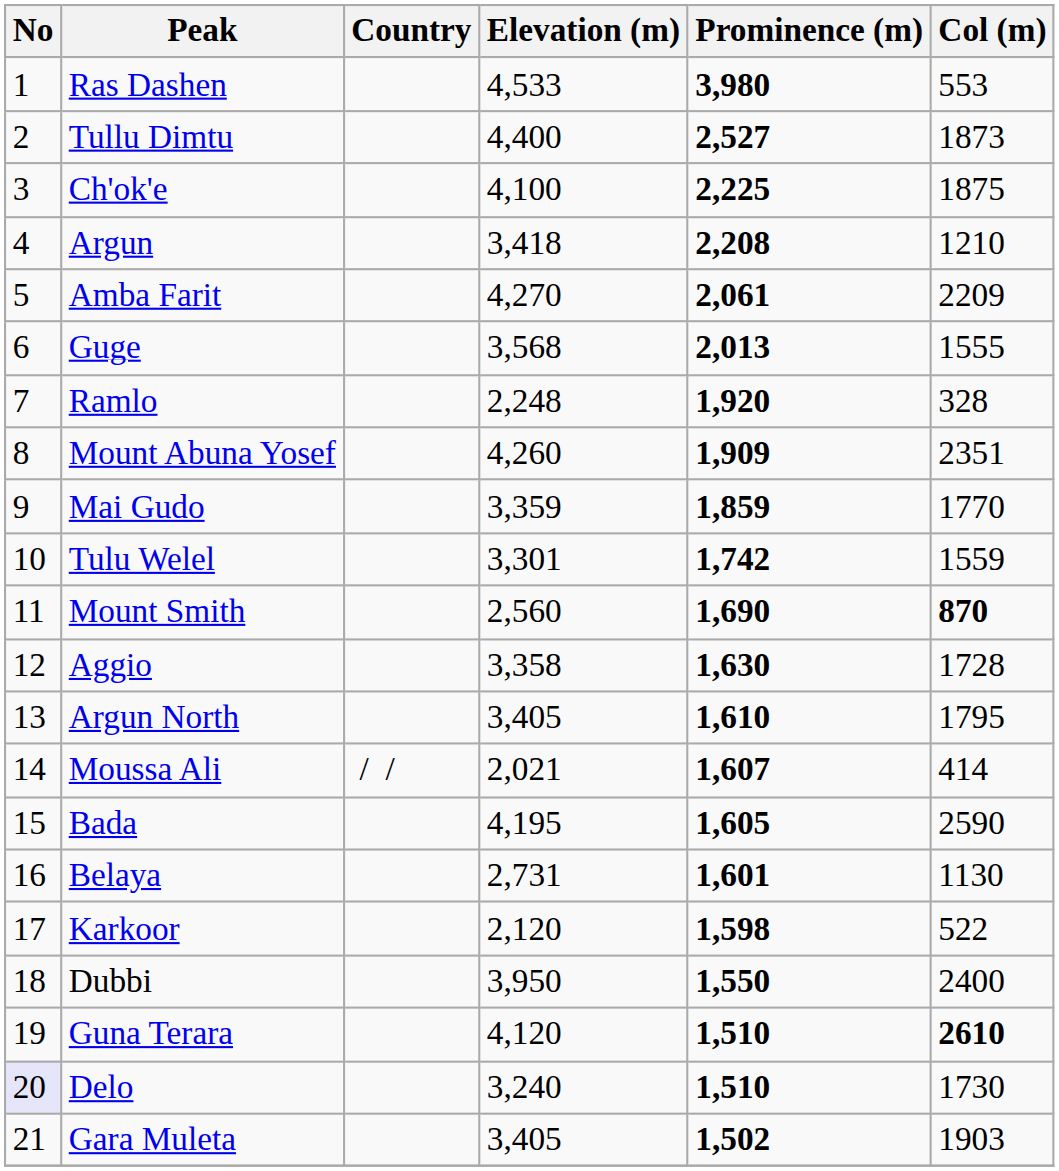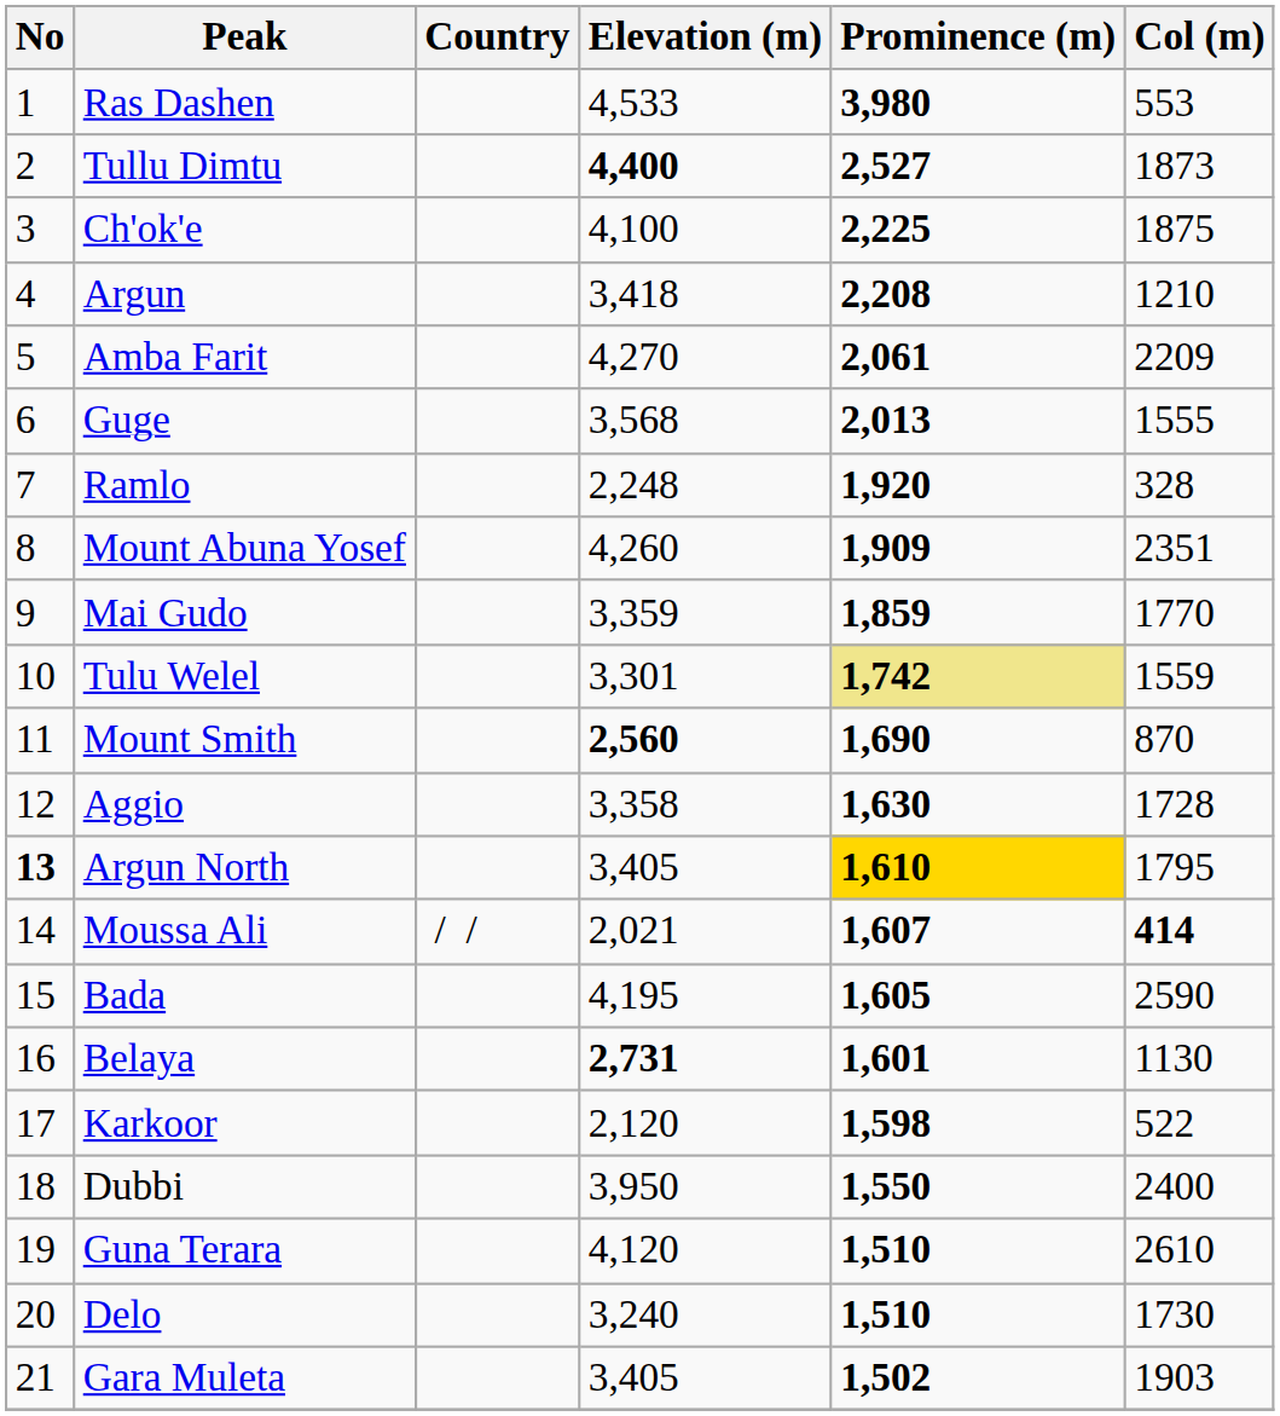 <table class="wikitable sortable">
 <tr>
 <th>No</th>
 <th>Peak</th>
 <th>Country</th>
 <th>Elevation (m)</th>
 <th>Prominence (m)</th>
 <th>Col (m)</th>
 </tr>
 <tr>
 <td>1</td>
 <td><a href='#'>Ras Dashen</a></td>
 <td></td>
 <td>4,533</td>
 <td><strong>3,980</strong></td>
 <td>553</td>
 </tr>
 <tr>
 <td>2</td>
 <td><a href='#'>Tullu Dimtu</a></td>
 <td></td>
-<td>4,400</td>
+<td><strong>4,400</strong></td>
 <td><strong>2,527</strong></td>
 <td>1873</td>
 </tr>
 <tr>
 <td>3</td>
 <td><a href='#'>Ch'ok'e</a></td>
 <td></td>
 <td>4,100</td>
 <td><strong>2,225</strong></td>
 <td>1875</td>
 </tr>
 <tr>
 <td>4</td>
 <td><a href='#'>Argun</a></td>
 <td></td>
 <td>3,418</td>
 <td><strong>2,208</strong></td>
 <td>1210</td>
 </tr>
 <tr>
 <td>5</td>
 <td><a href='#'>Amba Farit</a></td>
 <td></td>
 <td>4,270</td>
 <td><strong>2,061</strong></td>
 <td>2209</td>
 </tr>
 <tr>
 <td>6</td>
 <td><a href='#'>Guge</a></td>
 <td></td>
 <td>3,568</td>
 <td><strong>2,013</strong></td>
 <td>1555</td>
 </tr>
 <tr>
 <td>7</td>
 <td><a href='#'>Ramlo</a></td>
 <td></td>
 <td>2,248</td>
 <td><strong>1,920</strong></td>
 <td>328</td>
 </tr>
 <tr>
 <td>8</td>
 <td><a href='#'>Mount Abuna Yosef</a></td>
 <td></td>
 <td>4,260</td>
 <td><strong>1,909</strong></td>
 <td>2351</td>
 </tr>
 <tr>
 <td>9</td>
 <td><a href='#'>Mai Gudo</a></td>
 <td></td>
 <td>3,359</td>
 <td><strong>1,859</strong></td>
 <td>1770</td>
 </tr>
 <tr>
 <td>10</td>
 <td><a href='#'>Tulu Welel</a></td>
 <td></td>
 <td>3,301</td>
-<td><strong>1,742</strong></td>
+<td style="background: khaki;"><strong>1,742</strong></td>
 <td>1559</td>
 </tr>
 <tr>
 <td>11</td>
 <td><a href='#'>Mount Smith</a></td>
 <td></td>
-<td>2,560</td>
+<td><strong>2,560</strong></td>
 <td><strong>1,690</strong></td>
-<td><strong>870</strong></td>
+<td>870</td>
 </tr>
 <tr>
 <td>12</td>
 <td><a href='#'>Aggio</a></td>
 <td></td>
 <td>3,358</td>
 <td><strong>1,630</strong></td>
 <td>1728</td>
 </tr>
 <tr>
-<td>13</td>
+<td><strong>13</strong></td>
 <td><a href='#'>Argun North</a></td>
 <td></td>
 <td>3,405</td>
-<td><strong>1,610</strong></td>
+<td style="background: gold;"><strong>1,610</strong></td>
 <td>1795</td>
 </tr>
 <tr>
 <td>14</td>
 <td><a href='#'>Moussa Ali</a></td>
 <td> /  / </td>
 <td>2,021</td>
 <td><strong>1,607</strong></td>
-<td>414</td>
+<td><strong>414</strong></td>
 </tr>
 <tr>
 <td>15</td>
 <td><a href='#'>Bada</a></td>
 <td></td>
 <td>4,195</td>
 <td><strong>1,605</strong></td>
 <td>2590</td>
 </tr>
 <tr>
 <td>16</td>
 <td><a href='#'>Belaya</a></td>
 <td></td>
-<td>2,731</td>
+<td><strong>2,731</strong></td>
 <td><strong>1,601</strong></td>
 <td>1130</td>
 </tr>
 <tr>
 <td>17</td>
 <td><a href='#'>Karkoor</a></td>
 <td></td>
 <td>2,120</td>
 <td><strong>1,598</strong></td>
 <td>522</td>
 </tr>
 <tr>
 <td>18</td>
 <td>Dubbi</td>
 <td></td>
 <td>3,950</td>
 <td><strong>1,550</strong></td>
 <td>2400</td>
 </tr>
 <tr>
 <td>19</td>
 <td><a href='#'>Guna Terara</a></td>
 <td></td>
 <td>4,120</td>
 <td><strong>1,510</strong></td>
-<td><strong>2610</strong></td>
+<td>2610</td>
 </tr>
 <tr>
-<td style="background: lavender;">20</td>
+<td>20</td>
 <td><a href='#'>Delo</a></td>
 <td></td>
 <td>3,240</td>
 <td><strong>1,510</strong></td>
 <td>1730</td>
 </tr>
 <tr>
 <td>21</td>
 <td><a href='#'>Gara Muleta</a></td>
 <td></td>
 <td>3,405</td>
 <td><strong>1,502</strong></td>
 <td>1903</td>
 </tr>
 <tr>
 </tr>
 </table>
